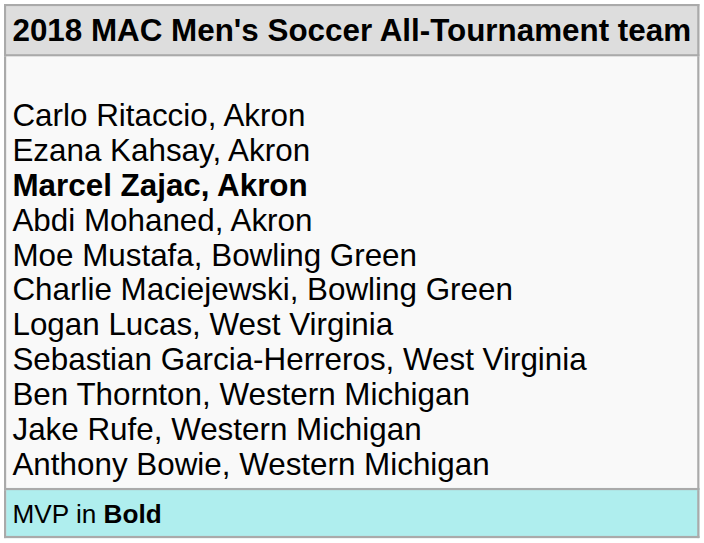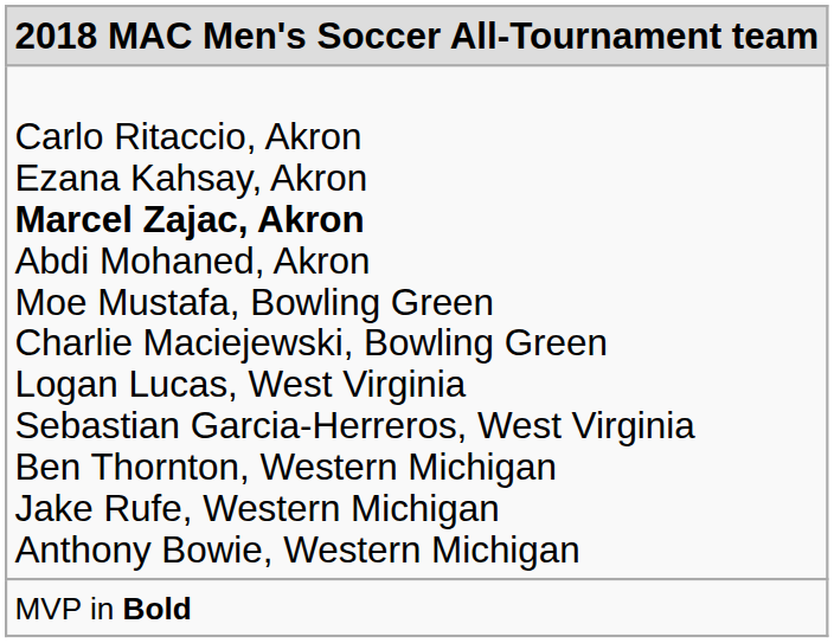 <table class="wikitable" style="white-space:nowrap; font-size:90%;">
 <tr>
 <td colspan="7" style="text-align:center; background:#ddd;"><strong>2018 MAC Men's Soccer All-Tournament team</strong></td>
 </tr>
 <tr>
 <td><br>Carlo Ritaccio, Akron<br> Ezana Kahsay, Akron<br> <strong>Marcel Zajac, Akron</strong><br> Abdi Mohaned, Akron<br> Moe Mustafa, Bowling Green<br> Charlie Maciejewski, Bowling Green<br> Logan Lucas, West Virginia<br> Sebastian Garcia-Herreros, West Virginia<br> Ben Thornton, Western Michigan<br> Jake Rufe, Western Michigan<br> Anthony Bowie, Western Michigan</td>
 </tr>
 <tr>
-<td style="background: paleturquoise;"><small>MVP in <strong>Bold</strong></small></td>
+<td><small>MVP in <strong>Bold</strong></small></td>
 </tr>
 </table>
